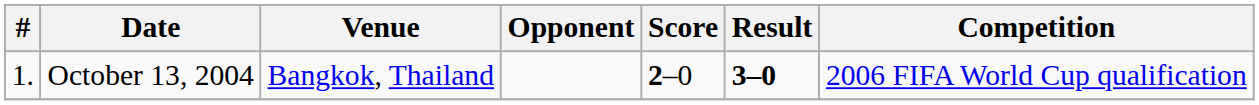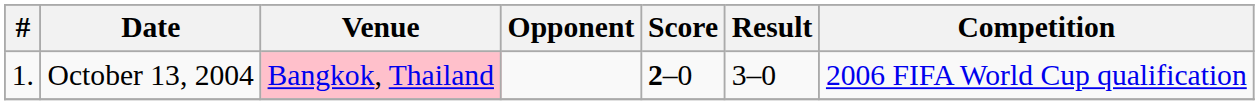 <table class="wikitable">
 <tr>
 <th>#</th>
 <th>Date</th>
 <th>Venue</th>
 <th>Opponent</th>
 <th>Score</th>
 <th>Result</th>
 <th>Competition</th>
 </tr>
 <tr>
 <td>1.</td>
 <td>October 13, 2004</td>
-<td><a href='#'>Bangkok</a>, <a href='#'>Thailand</a></td>
+<td style="background: pink;"><a href='#'>Bangkok</a>, <a href='#'>Thailand</a></td>
 <td></td>
 <td><strong>2</strong>–0</td>
-<td><strong>3–0</strong></td>
+<td>3–0</td>
 <td><a href='#'>2006 FIFA World Cup qualification</a></td>
 </tr>
 <tr>
 </tr>
 </table>
